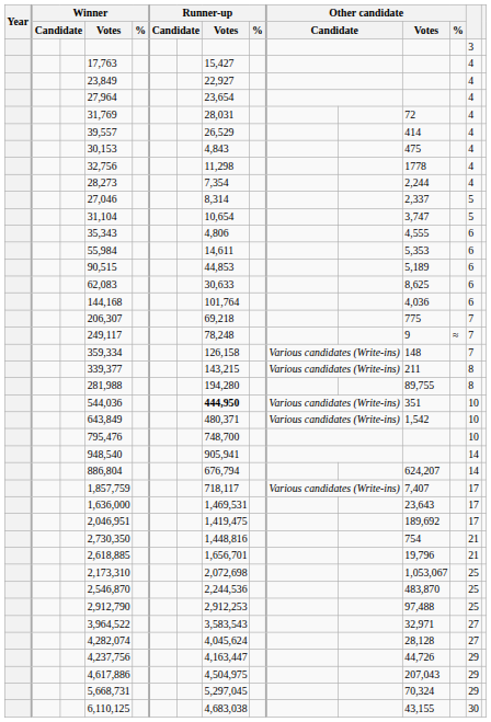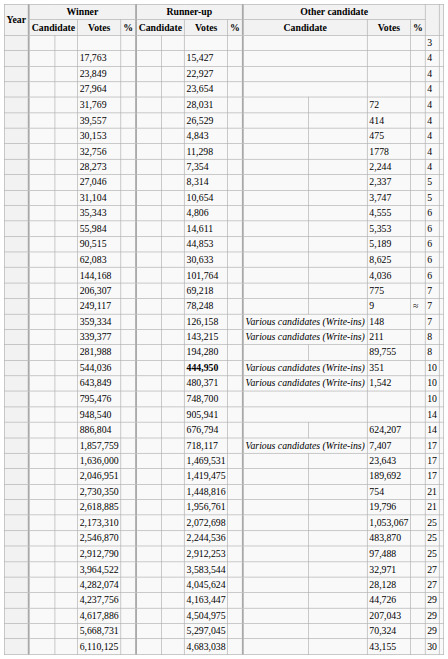 <table class="wikitable sortable">
 <tr>
 <th scope=col rowspan="2">Year</th>
 <th scope="colgroup" style="border-left:3px solid darkgray;" colspan="4">Winner</th>
 <th scope="colgroup" style="border-left:3px solid darkgray;" colspan="4">Runner-up</th>
 <th scope="colgroup" style="border-left:3px solid darkgray;" colspan="4">Other candidate</th>
 <th scope="col" rowspan="2"></th>
 <th scope="col" class="unsortable" rowspan="2"></th>
 </tr>
 <tr>
 <th scope="colgroup" style="border-left:3px solid darkgray;" colspan="2">Candidate</th>
 <th scope="col" data-sort-type="number">Votes</th>
 <th scope="col"  data-sort-type="number">%</th>
 <th scope="colgroup" style="border-left:3px solid darkgray;" colspan="2">Candidate</th>
 <th scope="col"  data-sort-type="number">Votes</th>
 <th scope="col"  data-sort-type="number">%</th>
 <th scope="colgroup"  scope="col" style="border-left:3px solid darkgray;" colspan="2">Candidate</th>
 <th scope="col"  data-sort-type="number">Votes</th>
 <th scope="col"  data-sort-type="number">%</th>
 </tr>
 <tr>
 <th scope="row"> </th>
 <td style="text-align:left; border-left:3px solid darkgray; background-color:"></td>
 <td><strong></strong> </td>
 <td></td>
 <td></td>
 <td style="text-align:left; border-left:3px solid darkgray; background-color:"></td>
 <td> </td>
 <td></td>
 <td></td>
 <td style="border-left:3px solid darkgray;"colspan="2"></td>
 <td></td>
 <td></td>
 <td>3</td>
 <td></td>
 </tr>
 <tr>
 <th scope="row"> </th>
 <td style="text-align:left; border-left:3px solid darkgray; background-color:"></td>
 <td><strong></strong> </td>
 <td>17,763</td>
 <td></td>
 <td style="text-align:left; border-left:3px solid darkgray; background-color:"></td>
 <td> </td>
 <td>15,427</td>
 <td></td>
 <td style="border-left:3px solid darkgray;"colspan="2"></td>
 <td></td>
 <td></td>
 <td>4</td>
 <td></td>
 </tr>
 <tr>
 <th scope="row"> </th>
 <td style="text-align:left; border-left:3px solid darkgray; background-color:"></td>
 <td><strong></strong> </td>
 <td>23,849</td>
 <td></td>
 <td style="text-align:left; border-left:3px solid darkgray; background-color:"></td>
 <td> </td>
 <td>22,927</td>
 <td></td>
 <td style="border-left:3px solid darkgray;"colspan="2"></td>
 <td></td>
 <td></td>
 <td>4</td>
 <td></td>
 </tr>
 <tr>
 <th scope="row"> </th>
 <td style="text-align:left; border-left:3px solid darkgray; background-color:"></td>
 <td><strong></strong> </td>
 <td>27,964</td>
 <td></td>
 <td style="text-align:left; border-left:3px solid darkgray; background-color:"></td>
 <td> </td>
 <td>23,654</td>
 <td></td>
 <td style="border-left:3px solid darkgray;"colspan="2"></td>
 <td></td>
 <td></td>
 <td>4</td>
 <td></td>
 </tr>
 <tr>
 <th scope="row"> </th>
 <td style="text-align:left; border-left:3px solid darkgray; background-color:"></td>
 <td><strong></strong> </td>
 <td>31,769</td>
 <td></td>
 <td style="text-align:left; border-left:3px solid darkgray; background-color:"></td>
 <td> </td>
 <td>28,031</td>
 <td></td>
 <td style="text-align:left; border-left:3px solid darkgray; background-color:"></td>
 <td> </td>
 <td>72</td>
 <td></td>
 <td>4</td>
 <td></td>
 </tr>
 <tr>
 <th scope="row"> </th>
 <td style="text-align:left; border-left:3px solid darkgray; background-color:"></td>
 <td><strong></strong> </td>
 <td>39,557</td>
 <td></td>
 <td style="text-align:left; border-left:3px solid darkgray; background-color:"></td>
 <td> </td>
 <td>26,529</td>
 <td></td>
 <td style="text-align:left; border-left:3px solid darkgray; background-color:"></td>
 <td> </td>
 <td>414</td>
 <td></td>
 <td>4</td>
 <td></td>
 </tr>
 <tr>
 <th scope="row"> </th>
 <td style="text-align:left; border-left:3px solid darkgray; background-color:"></td>
 <td><strong></strong> </td>
 <td>30,153</td>
 <td></td>
 <td style="text-align:left; border-left:3px solid darkgray; background-color:"></td>
 <td> </td>
 <td>4,843</td>
 <td></td>
 <td style="text-align:left; border-left:3px solid darkgray; background-color:"></td>
 <td> </td>
 <td>475</td>
 <td></td>
 <td>4</td>
 <td></td>
 </tr>
 <tr>
 <th scope="row"> </th>
 <td style="text-align:left; border-left:3px solid darkgray; background-color:"></td>
 <td><strong></strong> </td>
 <td>32,756</td>
 <td></td>
 <td style="text-align:left; border-left:3px solid darkgray; background-color:"></td>
 <td> </td>
 <td>11,298</td>
 <td></td>
 <td style="text-align:left; border-left:3px solid darkgray; background-color:"></td>
 <td> </td>
 <td>1778</td>
 <td></td>
 <td>4</td>
 <td></td>
 </tr>
 <tr>
 <th scope="row"> </th>
 <td style="text-align:left; border-left:3px solid darkgray; background-color:"></td>
 <td><strong></strong> </td>
 <td>28,273</td>
 <td></td>
 <td style="text-align:left; border-left:3px solid darkgray; background-color:"></td>
 <td> </td>
 <td>7,354</td>
 <td></td>
 <td style="text-align:left; border-left:3px solid darkgray; background-color:"></td>
 <td> </td>
 <td>2,244</td>
 <td></td>
 <td>4</td>
 <td></td>
 </tr>
 <tr>
 <th scope="row"> </th>
 <td style="text-align:left; border-left:3px solid darkgray; background-color:"></td>
 <td><strong></strong> </td>
 <td>27,046</td>
 <td></td>
 <td style="text-align:left; border-left:3px solid darkgray; background-color:"></td>
 <td> </td>
 <td>8,314</td>
 <td></td>
 <td style="text-align:left; border-left:3px solid darkgray; background-color:"></td>
 <td> </td>
 <td>2,337</td>
 <td></td>
 <td>5</td>
 <td></td>
 </tr>
 <tr>
 <th scope="row"> </th>
 <td style="text-align:left; border-left:3px solid darkgray; background-color:"></td>
 <td><strong></strong> </td>
 <td>31,104</td>
 <td></td>
 <td style="text-align:left; border-left:3px solid darkgray; background-color:"></td>
 <td> </td>
 <td>10,654</td>
 <td></td>
 <td style="text-align:left; border-left:3px solid darkgray; background-color:"></td>
 <td> </td>
 <td>3,747</td>
 <td></td>
 <td>5</td>
 <td></td>
 </tr>
 <tr>
 <th scope="row"> </th>
 <td style="text-align:left; border-left:3px solid darkgray; background-color:"></td>
 <td><strong></strong> </td>
 <td>35,343</td>
 <td></td>
 <td style="text-align:left; border-left:3px solid darkgray; background-color:"></td>
 <td> </td>
 <td>4,806</td>
 <td></td>
 <td style="text-align:left; border-left:3px solid darkgray; background-color:"></td>
 <td> </td>
 <td>4,555</td>
 <td></td>
 <td>6</td>
 <td></td>
 </tr>
 <tr>
 <th scope="row"> </th>
 <td style="text-align:left; border-left:3px solid darkgray; background-color:"></td>
 <td><strong></strong> </td>
 <td>55,984</td>
 <td></td>
 <td style="text-align:left; border-left:3px solid darkgray; background-color:"></td>
 <td> </td>
 <td>14,611</td>
 <td></td>
 <td style="text-align:left; border-left:3px solid darkgray; background-color:"></td>
 <td> </td>
 <td>5,353</td>
 <td></td>
 <td>6</td>
 <td></td>
 </tr>
 <tr>
 <th scope="row"> </th>
 <td style="text-align:left; border-left:3px solid darkgray; background-color:"></td>
 <td><strong></strong> </td>
 <td>90,515</td>
 <td></td>
 <td style="text-align:left; border-left:3px solid darkgray; background-color:"></td>
 <td> </td>
 <td>44,853</td>
 <td></td>
 <td style="text-align:left; border-left:3px solid darkgray; background-color:"></td>
 <td> </td>
 <td>5,189</td>
 <td></td>
 <td>6</td>
 <td></td>
 </tr>
 <tr>
 <th scope="row"> </th>
 <td style="text-align:left; border-left:3px solid darkgray; background-color:"></td>
 <td><strong></strong> </td>
 <td>62,083</td>
 <td></td>
 <td style="text-align:left; border-left:3px solid darkgray; background-color:"></td>
 <td> </td>
 <td>30,633</td>
 <td></td>
 <td style="text-align:left; border-left:3px solid darkgray; background-color:"></td>
 <td> </td>
 <td>8,625</td>
 <td></td>
 <td>6</td>
 <td></td>
 </tr>
 <tr>
 <th scope="row"> </th>
 <td style="text-align:left; border-left:3px solid darkgray; background-color:"></td>
 <td><strong></strong> </td>
 <td>144,168</td>
 <td></td>
 <td style="text-align:left; border-left:3px solid darkgray; background-color:"></td>
 <td> </td>
 <td>101,764</td>
 <td></td>
 <td style="text-align:left; border-left:3px solid darkgray; background-color:"></td>
 <td> </td>
 <td>4,036</td>
 <td></td>
 <td>6</td>
 <td></td>
 </tr>
 <tr>
 <th scope="row"> </th>
 <td style="text-align:left; border-left:3px solid darkgray; background-color:"></td>
 <td><strong></strong> </td>
 <td>206,307</td>
 <td></td>
 <td style="text-align:left; border-left:3px solid darkgray; background-color:"></td>
 <td> </td>
 <td>69,218</td>
 <td></td>
 <td style="text-align:left; border-left:3px solid darkgray; background-color:"></td>
 <td> </td>
 <td>775</td>
 <td></td>
 <td>7</td>
 <td></td>
 </tr>
 <tr>
 <th scope="row"> </th>
 <td style="text-align:left; border-left:3px solid darkgray; background-color:"></td>
 <td><strong></strong> </td>
 <td>249,117</td>
 <td></td>
 <td style="text-align:left; border-left:3px solid darkgray; background-color:"></td>
 <td> </td>
 <td>78,248</td>
 <td></td>
 <td style="text-align:left; border-left:3px solid darkgray; background-color:"></td>
 <td> </td>
 <td>9</td>
 <td>≈</td>
 <td>7</td>
 <td></td>
 </tr>
 <tr>
 <th scope="row"> </th>
 <td style="text-align:left; border-left:3px solid darkgray; background-color:"></td>
 <td><strong></strong> </td>
 <td>359,334</td>
 <td></td>
 <td style="text-align:left; border-left:3px solid darkgray; background-color:"></td>
 <td> </td>
 <td>126,158</td>
 <td></td>
 <td colspan="2" style="text-align:left; border-left:3px solid darkgray;"><em>Various candidates (Write-ins)</em></td>
 <td>148</td>
 <td></td>
 <td>7</td>
 <td></td>
 </tr>
 <tr>
 <th scope="row"> </th>
 <td style="text-align:left; border-left:3px solid darkgray; background-color:"></td>
 <td><strong></strong> </td>
 <td>339,377</td>
 <td></td>
 <td style="text-align:left; border-left:3px solid darkgray; background-color:"></td>
 <td> </td>
 <td>143,215</td>
 <td></td>
 <td colspan="2" style="text-align:left; border-left:3px solid darkgray;"><em>Various candidates (Write-ins)</em></td>
 <td>211</td>
 <td></td>
 <td>8</td>
 <td></td>
 </tr>
 <tr>
 <th scope="row"> </th>
 <td style="text-align:left; border-left:3px solid darkgray; background-color:"></td>
 <td><strong></strong> </td>
 <td>281,988</td>
 <td></td>
 <td style="text-align:left; border-left:3px solid darkgray; background-color:"></td>
 <td> </td>
 <td>194,280</td>
 <td></td>
 <td style="text-align:left; border-left:3px solid darkgray; background-color:"></td>
 <td> </td>
 <td>89,755</td>
 <td></td>
 <td>8</td>
 <td></td>
 </tr>
 <tr>
 <th scope="row"> </th>
 <td style="text-align:left; border-left:3px solid darkgray; background-color:"></td>
 <td><strong></strong> </td>
 <td>544,036</td>
 <td></td>
 <td style="text-align:left; border-left:3px solid darkgray; background-color:"></td>
 <td> </td>
 <td><strong>444,950</strong></td>
 <td></td>
 <td colspan="2" style="text-align:left; border-left:3px solid darkgray;"><em>Various candidates (Write-ins)</em></td>
 <td>351</td>
 <td></td>
 <td>10</td>
 <td></td>
 </tr>
 <tr>
 <th scope="row"> </th>
 <td style="text-align:left; border-left:3px solid darkgray; background-color:"></td>
 <td><strong></strong> </td>
 <td>643,849</td>
 <td></td>
 <td style="text-align:left; border-left:3px solid darkgray; background-color:"></td>
 <td> </td>
 <td>480,371</td>
 <td></td>
 <td colspan="2" style="text-align:left; border-left:3px solid darkgray;"><em>Various candidates (Write-ins)</em></td>
 <td>1,542</td>
 <td></td>
 <td>10</td>
 <td></td>
 </tr>
 <tr>
 <th scope="row"> </th>
 <td style="text-align:left; border-left:3px solid darkgray; background-color:"></td>
 <td><strong></strong> </td>
 <td>795,476</td>
 <td></td>
 <td style="text-align:left; border-left:3px solid darkgray; background-color:"></td>
 <td> </td>
 <td>748,700</td>
 <td></td>
 <td style="border-left:3px solid darkgray;"colspan="2"></td>
 <td></td>
 <td></td>
 <td>10</td>
 <td></td>
 </tr>
 <tr>
 <th scope="row"> </th>
 <td style="text-align:left; border-left:3px solid darkgray; background-color:"></td>
 <td><strong></strong> </td>
 <td>948,540</td>
 <td></td>
 <td style="text-align:left; border-left:3px solid darkgray; background-color:"></td>
 <td> </td>
 <td>905,941</td>
 <td></td>
 <td style="border-left:3px solid darkgray;"colspan="2"></td>
 <td></td>
 <td></td>
 <td>14</td>
 <td></td>
 </tr>
 <tr>
 <th scope="row"> </th>
 <td style="text-align:left; border-left:3px solid darkgray; background-color:"></td>
 <td><strong></strong> </td>
 <td>886,804</td>
 <td></td>
 <td style="text-align:left; border-left:3px solid darkgray; background-color:"></td>
 <td> </td>
 <td>676,794</td>
 <td></td>
 <td style="text-align:left; border-left:3px solid darkgray; background-color:"></td>
 <td> </td>
 <td>624,207</td>
 <td></td>
 <td>14</td>
 <td></td>
 </tr>
 <tr>
 <th scope="row"> </th>
 <td style="text-align:left; border-left:3px solid darkgray; background-color:"></td>
 <td><strong></strong> </td>
 <td>1,857,759</td>
 <td></td>
 <td style="text-align:left; border-left:3px solid darkgray; background-color:"></td>
 <td> </td>
 <td>718,117</td>
 <td></td>
 <td colspan="2" style="text-align:left; border-left:3px solid darkgray;"><em>Various candidates (Write-ins)</em></td>
 <td>7,407</td>
 <td></td>
 <td>17</td>
 <td></td>
 </tr>
 <tr>
 <th scope="row"> </th>
 <td style="text-align:left; border-left:3px solid darkgray; background-color:"></td>
 <td><strong></strong> </td>
 <td>1,636,000</td>
 <td></td>
 <td style="text-align:left; border-left:3px solid darkgray; background-color:"></td>
 <td> </td>
 <td>1,469,531</td>
 <td></td>
 <td style="text-align:left; border-left:3px solid darkgray; background-color:"></td>
 <td> </td>
 <td>23,643</td>
 <td></td>
 <td>17</td>
 <td></td>
 </tr>
 <tr>
 <th scope="row"> </th>
 <td style="text-align:left; border-left:3px solid darkgray; background-color:"></td>
 <td><strong></strong> </td>
 <td>2,046,951</td>
 <td></td>
 <td style="text-align:left; border-left:3px solid darkgray; background-color:"></td>
 <td> </td>
 <td>1,419,475</td>
 <td></td>
 <td style="text-align:left; border-left:3px solid darkgray; background-color:"></td>
 <td> </td>
 <td>189,692</td>
 <td></td>
 <td>17</td>
 <td></td>
 </tr>
 <tr>
 <th scope="row"> </th>
 <td style="text-align:left; border-left:3px solid darkgray; background-color:"></td>
 <td><strong></strong> </td>
 <td>2,730,350</td>
 <td></td>
 <td style="text-align:left; border-left:3px solid darkgray; background-color:"></td>
 <td> </td>
 <td>1,448,816</td>
 <td></td>
 <td style="text-align:left; border-left:3px solid darkgray; background-color:"></td>
 <td> </td>
 <td>754</td>
 <td></td>
 <td>21</td>
 <td></td>
 </tr>
 <tr>
 <th scope="row"> </th>
 <td style="text-align:left; border-left:3px solid darkgray; background-color:"></td>
 <td><strong></strong> </td>
 <td>2,618,885</td>
 <td></td>
 <td style="text-align:left; border-left:3px solid darkgray; background-color:"></td>
 <td> </td>
-<td>1,656,701</td>
+<td>1,956,761</td>
 <td></td>
 <td style="text-align:left; border-left:3px solid darkgray; background-color:"></td>
 <td> </td>
 <td>19,796</td>
 <td></td>
 <td>21</td>
 <td></td>
 </tr>
 <tr>
 <th scope="row"> </th>
 <td style="text-align:left; border-left:3px solid darkgray; background-color:"></td>
 <td><strong></strong> </td>
 <td>2,173,310</td>
 <td></td>
 <td style="text-align:left; border-left:3px solid darkgray; background-color:"></td>
 <td> </td>
 <td>2,072,698</td>
 <td></td>
 <td style="text-align:left; border-left:3px solid darkgray; background-color:"></td>
 <td> </td>
 <td>1,053,067</td>
 <td></td>
 <td>25</td>
 <td></td>
 </tr>
 <tr>
 <th scope="row"> </th>
 <td style="text-align:left; border-left:3px solid darkgray; background-color:"></td>
 <td><strong></strong> </td>
 <td>2,546,870</td>
 <td></td>
 <td style="text-align:left; border-left:3px solid darkgray; background-color:"></td>
 <td> </td>
 <td>2,244,536</td>
 <td></td>
 <td style="text-align:left; border-left:3px solid darkgray; background-color:"></td>
 <td> </td>
 <td>483,870</td>
 <td></td>
 <td>25</td>
 <td></td>
 </tr>
 <tr>
 <th scope="row"> </th>
 <td style="text-align:left; border-left:3px solid darkgray; background-color:"></td>
 <td><strong></strong> </td>
 <td>2,912,790</td>
 <td></td>
 <td style="text-align:left; border-left:3px solid darkgray; background-color:"></td>
 <td> </td>
 <td>2,912,253</td>
 <td></td>
 <td style="text-align:left; border-left:3px solid darkgray; background-color:"></td>
 <td> </td>
 <td>97,488</td>
 <td></td>
 <td>25</td>
 <td></td>
 </tr>
 <tr>
 <th scope="row"> </th>
 <td style="text-align:left; border-left:3px solid darkgray; background-color:"></td>
 <td><strong></strong> </td>
 <td>3,964,522</td>
 <td></td>
 <td style="text-align:left; border-left:3px solid darkgray; background-color:"></td>
 <td> </td>
-<td>3,583,543</td>
+<td>3,583,544</td>
 <td></td>
 <td style="text-align:left; border-left:3px solid darkgray; background-color:"></td>
 <td> </td>
 <td>32,971</td>
 <td></td>
 <td>27</td>
 <td></td>
 </tr>
 <tr>
 <th scope="row"> </th>
 <td style="text-align:left; border-left:3px solid darkgray; background-color:"></td>
 <td><strong></strong> </td>
 <td>4,282,074</td>
 <td></td>
 <td style="text-align:left; border-left:3px solid darkgray; background-color:"></td>
 <td> </td>
 <td>4,045,624</td>
 <td></td>
 <td style="text-align:left; border-left:3px solid darkgray; background-color:"></td>
 <td> </td>
 <td>28,128</td>
 <td></td>
 <td>27</td>
 <td></td>
 </tr>
 <tr>
 <th scope="row"> </th>
 <td style="text-align:left; border-left:3px solid darkgray; background-color:"></td>
 <td><strong></strong> </td>
 <td>4,237,756</td>
 <td></td>
 <td style="text-align:left; border-left:3px solid darkgray; background-color:"></td>
 <td> </td>
 <td>4,163,447</td>
 <td></td>
 <td style="text-align:left; border-left:3px solid darkgray; background-color:"></td>
 <td> </td>
 <td>44,726</td>
 <td></td>
 <td>29</td>
 <td></td>
 </tr>
 <tr>
 <th scope="row"> </th>
 <td style="text-align:left; border-left:3px solid darkgray; background-color:"></td>
 <td><strong></strong> </td>
 <td>4,617,886</td>
 <td></td>
 <td style="text-align:left; border-left:3px solid darkgray; background-color:"></td>
 <td> </td>
 <td>4,504,975</td>
 <td></td>
 <td style="text-align:left; border-left:3px solid darkgray; background-color:"></td>
 <td> </td>
 <td>207,043</td>
 <td></td>
 <td>29</td>
 <td></td>
 </tr>
 <tr>
 <th scope="row"> </th>
 <td style="text-align:left; border-left:3px solid darkgray; background-color:"></td>
 <td><strong></strong> </td>
 <td>5,668,731</td>
 <td></td>
 <td style="text-align:left; border-left:3px solid darkgray; background-color:"></td>
 <td> </td>
 <td>5,297,045</td>
 <td></td>
 <td style="text-align:left; border-left:3px solid darkgray; background-color:"></td>
 <td> </td>
 <td>70,324</td>
 <td></td>
 <td>29</td>
 <td></td>
 </tr>
 <tr>
 <th scope="row"> </th>
 <td style="text-align:left; border-left:3px solid darkgray; background-color:"></td>
 <td><strong></strong>  </td>
 <td>6,110,125</td>
 <td></td>
 <td style="text-align:left; border-left:3px solid darkgray; background-color:"></td>
 <td> </td>
 <td>4,683,038</td>
 <td></td>
 <td style="text-align:left; border-left:3px solid darkgray; background-color:"></td>
 <td> </td>
 <td>43,155</td>
 <td></td>
 <td>30</td>
 <td></td>
 </tr>
 </table>
